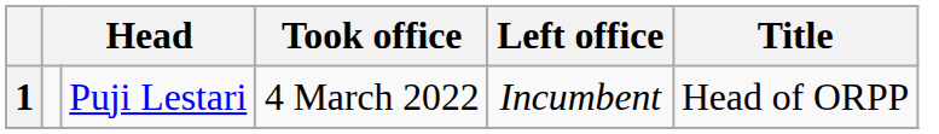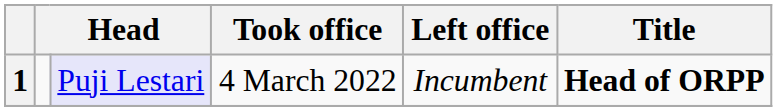 <table class="wikitable sortable">
 <tr>
 <th></th>
 <th colspan="2">Head</th>
 <th>Took office</th>
 <th>Left office</th>
 <th>Title</th>
 </tr>
 <tr>
 <th>1</th>
 <td></td>
-<td><a href='#'>Puji Lestari</a></td>
+<td style="background: lavender;"><a href='#'>Puji Lestari</a></td>
 <td align="center">4 March 2022</td>
 <td align="center"><em>Incumbent</em></td>
-<td align="center">Head of ORPP</td>
+<td align="center"><strong>Head of ORPP</strong></td>
 </tr>
 <tr>
 </tr>
 </table>
